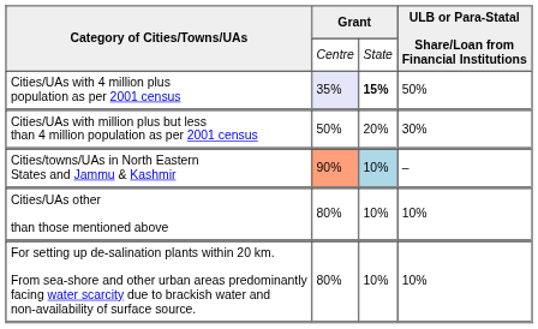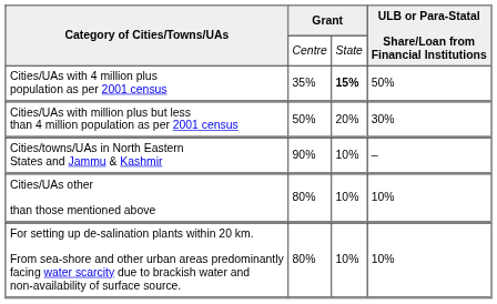 <table border="1" cellpadding="5" cellspacing="0" style="margin:auto; align:left">
 <tr>
 <th rowspan="2" style="background: #efefef; text-align: centre;">Category of Cities/Towns/UAs</th>
 <th colspan="2" style="background: #efefef; text-align: centre;">Grant</th>
 <th rowspan="2" style="background: #efefef; text-align: centre;">ULB or Para-Statal<br><br>Share/Loan from <br> Financial Institutions</th>
 </tr>
 <tr>
 <td><em>Centre</em></td>
 <td><em>State</em></td>
 </tr>
 <tr>
 <td style="border-bottom:3px solid gray;">Cities/UAs with 4 million plus<br>population as per <a href='#'>2001 census</a></td>
-<td style="background: lavender; border-bottom:3px solid gray; text-align: centre;">35%</td>
+<td style="border-bottom:3px solid gray; text-align: centre;">35%</td>
 <td style="border-bottom:3px solid gray; text-align: centre;"><strong>15%</strong></td>
 <td style="border-bottom:3px solid gray; text-align: centre;">50%</td>
 </tr>
 <tr>
 </tr>
 <tr>
 <td style="border-bottom:3px solid gray;">Cities/UAs with million plus but less<br>than 4 million population as per <a href='#'>2001 census</a></td>
 <td style="border-bottom:3px solid gray; text-align: centre;">50%</td>
 <td style="border-bottom:3px solid gray; text-align: centre;">20%</td>
 <td style="border-bottom:3px solid gray; text-align: centre;">30%</td>
 </tr>
 <tr>
 </tr>
 <tr>
 <td style="border-bottom:3px solid gray;">Cities/towns/UAs in North Eastern<br>States and <a href='#'>Jammu</a> & <a href='#'>Kashmir</a></td>
-<td style="background: lightsalmon; border-bottom:3px solid gray; text-align: centre;">90%</td>
-<td style="background: lightblue; border-bottom:3px solid gray; text-align: centre;">10%</td>
+<td style="border-bottom:3px solid gray; text-align: centre;">90%</td>
+<td style="border-bottom:3px solid gray; text-align: centre;">10%</td>
 <td style="border-bottom:3px solid gray; text-align: centre;">–</td>
 </tr>
 <tr>
 </tr>
 <tr>
 <td style="border-bottom:3px solid gray;">Cities/UAs other<br><br>than those mentioned above</td>
 <td style="border-bottom:3px solid gray; text-align: centre;">80%</td>
 <td style="border-bottom:3px solid gray; text-align: centre;">10%</td>
 <td style="border-bottom:3px solid gray; text-align: centre;">10%</td>
 </tr>
 <tr>
 </tr>
 <tr>
 <td style="border-bottom:3px solid gray;">For setting up de-salination plants within 20 km. <br><br>From sea-shore and other urban areas predominantly <br> facing <a href='#'>water scarcity</a> due to brackish water and <br> non-availability of surface source.</td>
 <td style="border-bottom:3px solid gray; text-align: centre;">80%</td>
 <td style="border-bottom:3px solid gray; text-align: centre;">10%</td>
 <td style="border-bottom:3px solid gray; text-align: centre;">10%</td>
 </tr>
 </table>
